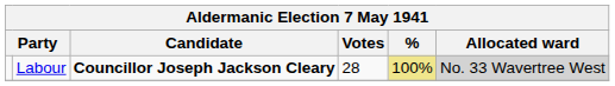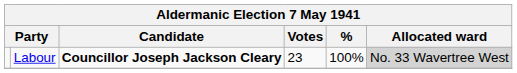 <table class="wikitable">
 <tr>
 <th colspan="6"><strong>Aldermanic Election 7 May 1941</strong></th>
 </tr>
 <tr>
 <th colspan="2">Party</th>
 <th>Candidate</th>
 <th>Votes</th>
 <th>%</th>
 <th>Allocated ward</th>
 </tr>
 <tr>
 <td style="background-color:"></td>
 <td><a href='#'>Labour</a></td>
 <td><strong>Councillor Joseph Jackson Cleary</strong></td>
-<td>28</td>
-<td style="background: khaki;">100%</td>
+<td>23</td>
+<td>100%</td>
 <td style="background: lightgrey;">No. 33 Wavertree West</td>
 </tr>
 <tr>
 </tr>
 </table>
